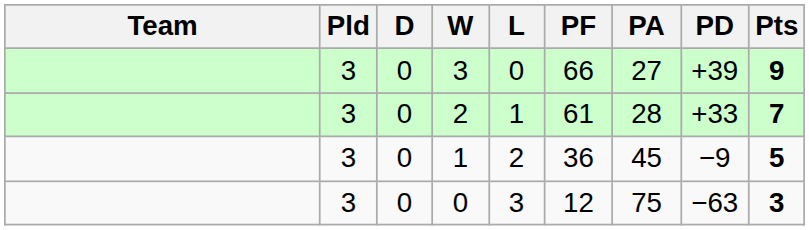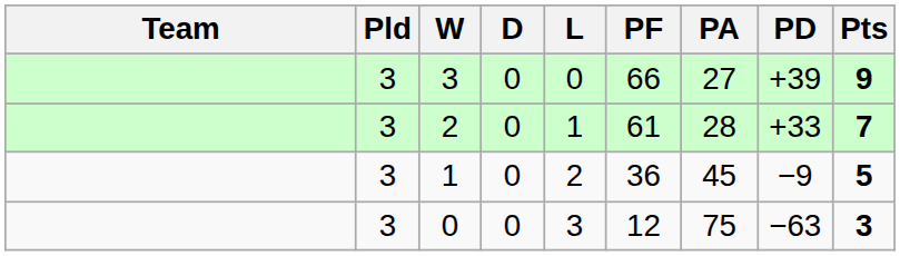 <table class="wikitable" style="text-align:center;">
 <tr>
 <th width=175>Team</th>
 <th width=25 abbr="Played">Pld</th>
+<th width=25 abbr="Won">W</th>
 <th width=25 abbr="Drawn">D</th>
-<th width=25 abbr="Won">W</th>
 <th width=25 abbr="Lost">L</th>
 <th width=32 abbr="Points for">PF</th>
 <th width=32 abbr="Points against">PA</th>
 <th width=32 abbr="Points difference">PD</th>
 <th width=25 abbr="Points">Pts</th>
 </tr>
 <tr bgcolor=ccffcc>
 <td align=left></td>
 <td>3</td>
+<td>3</td>
 <td>0</td>
-<td>3</td>
 <td>0</td>
 <td>66</td>
 <td>27</td>
 <td>+39</td>
 <td><strong>9</strong></td>
 </tr>
 <tr bgcolor=ccffcc>
 <td align=left></td>
 <td>3</td>
+<td>2</td>
 <td>0</td>
-<td>2</td>
 <td>1</td>
 <td>61</td>
 <td>28</td>
 <td>+33</td>
 <td><strong>7</strong></td>
 </tr>
 <tr>
 <td align=left></td>
 <td>3</td>
+<td>1</td>
 <td>0</td>
-<td>1</td>
 <td>2</td>
 <td>36</td>
 <td>45</td>
 <td>−9</td>
 <td><strong>5</strong></td>
 </tr>
 <tr>
 <td align=left></td>
 <td>3</td>
 <td>0</td>
 <td>0</td>
 <td>3</td>
 <td>12</td>
 <td>75</td>
 <td>−63</td>
 <td><strong>3</strong></td>
 </tr>
 </table>
